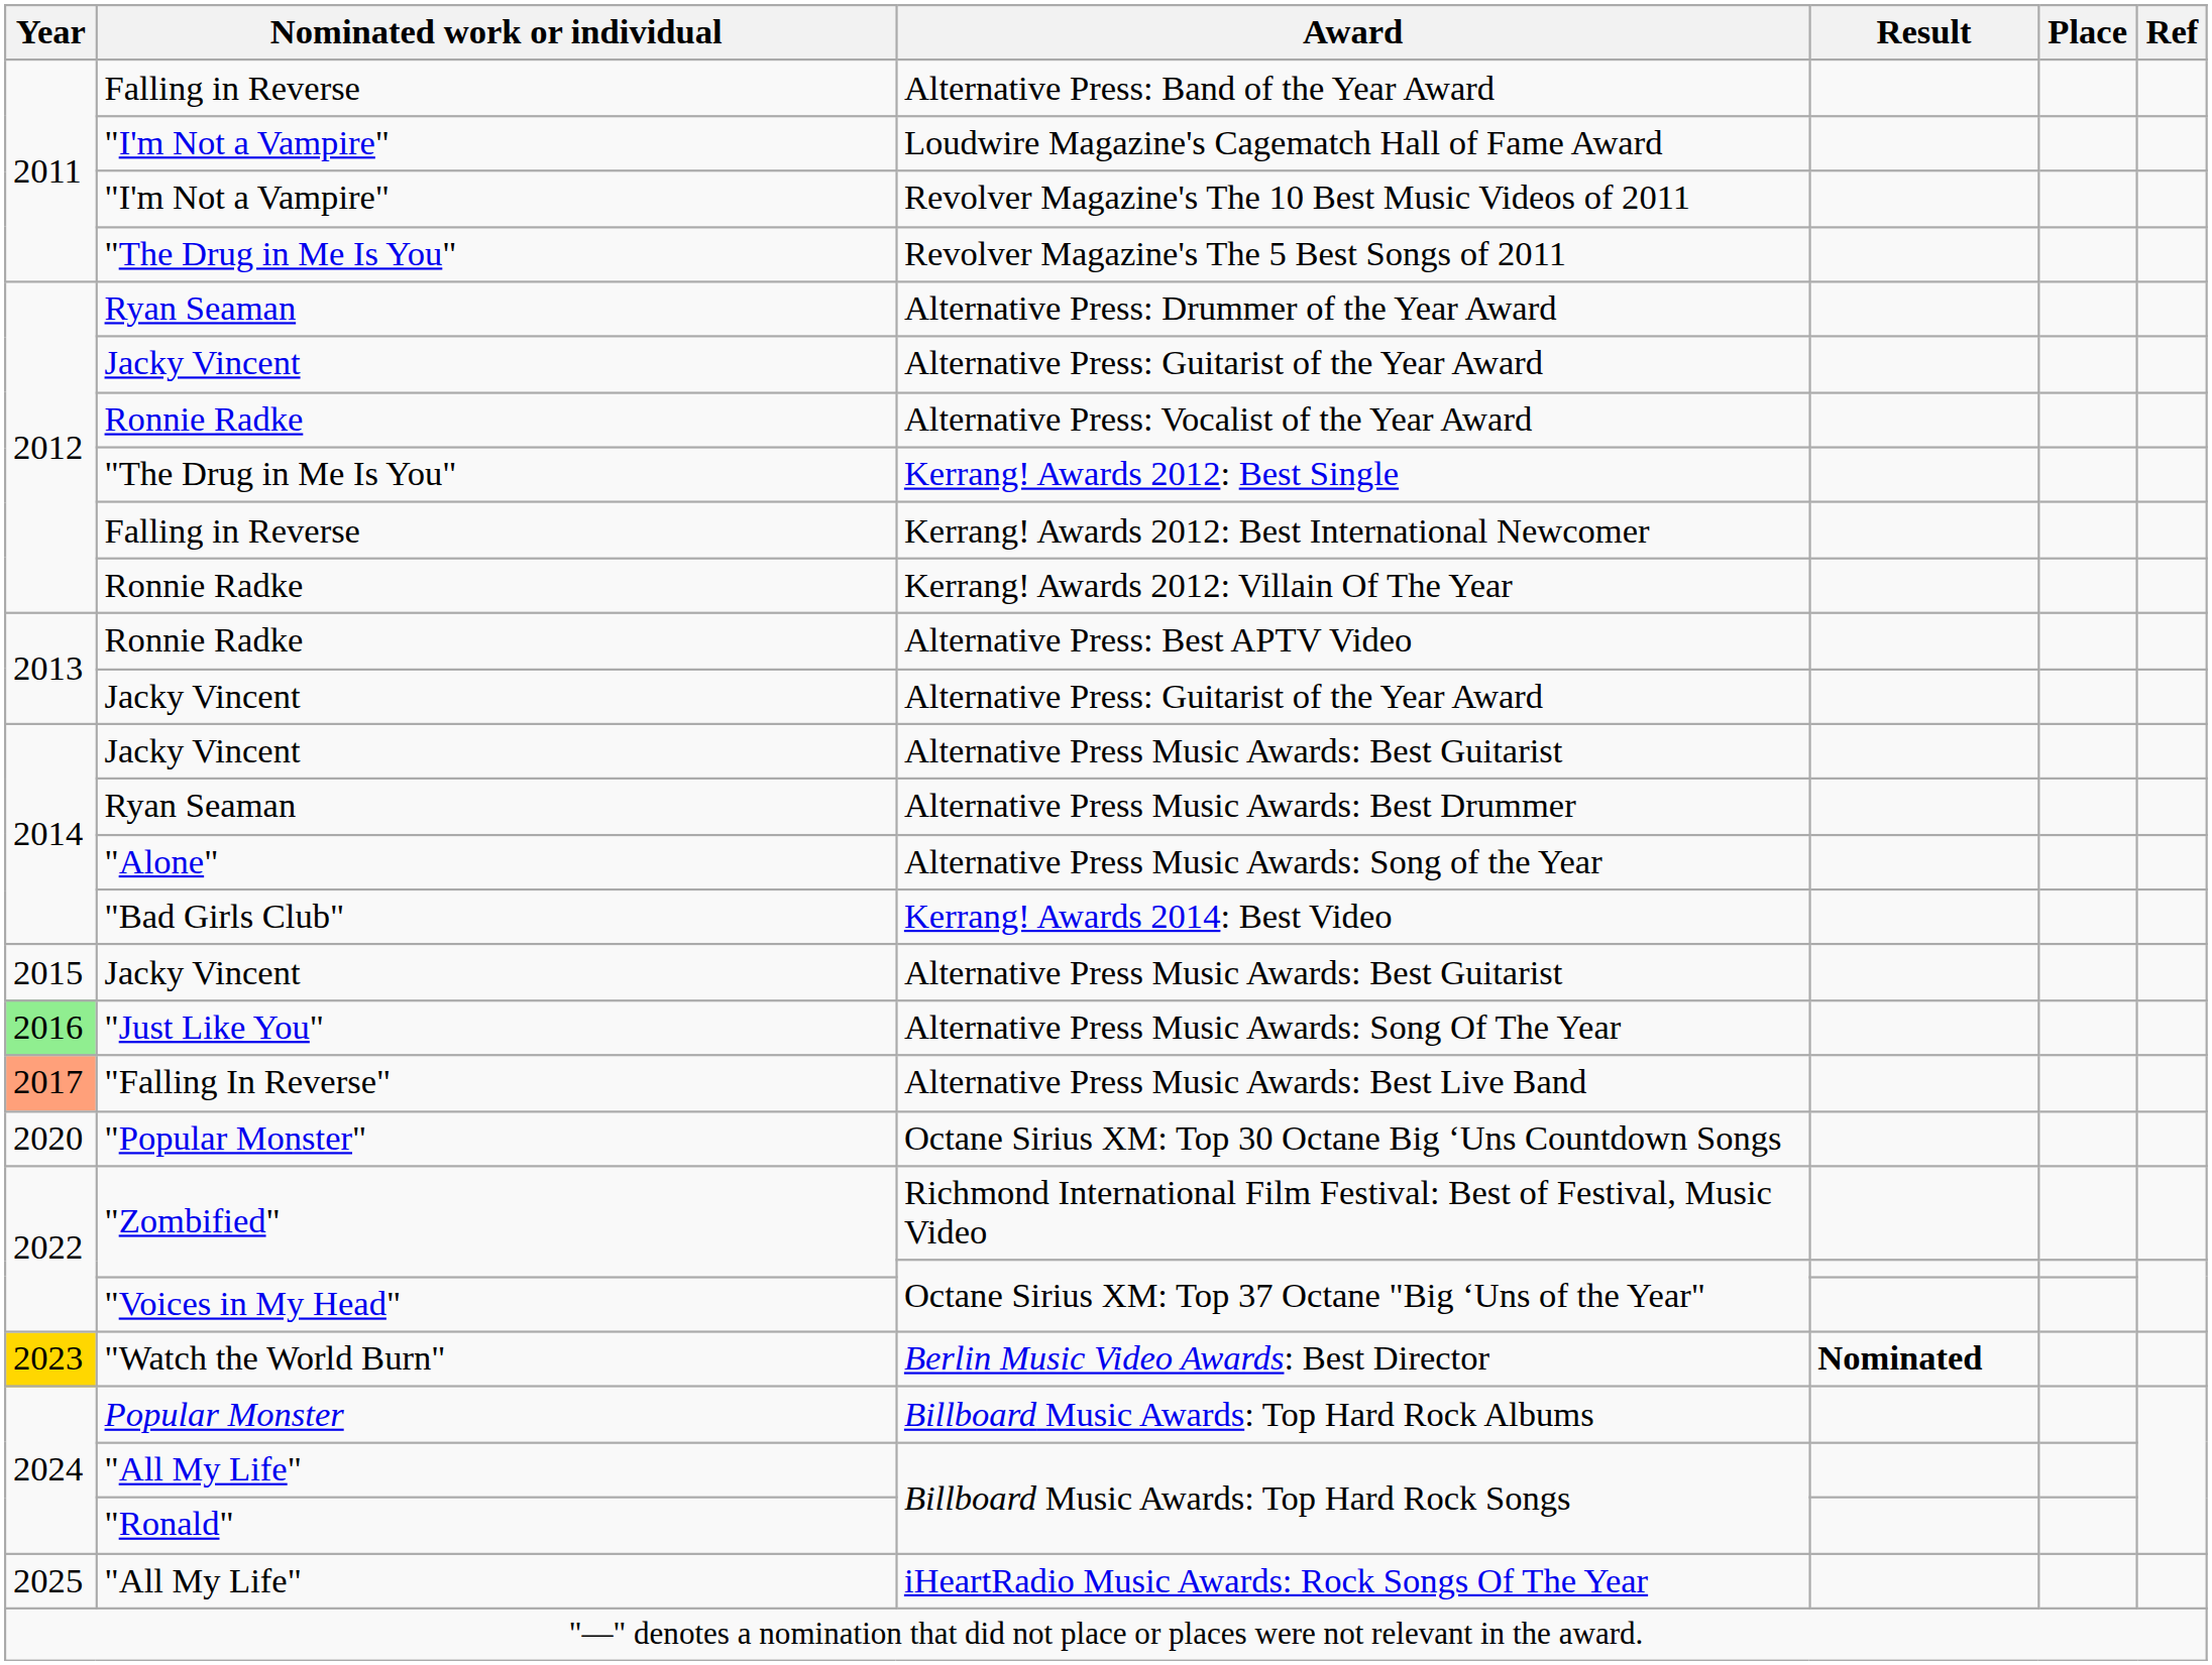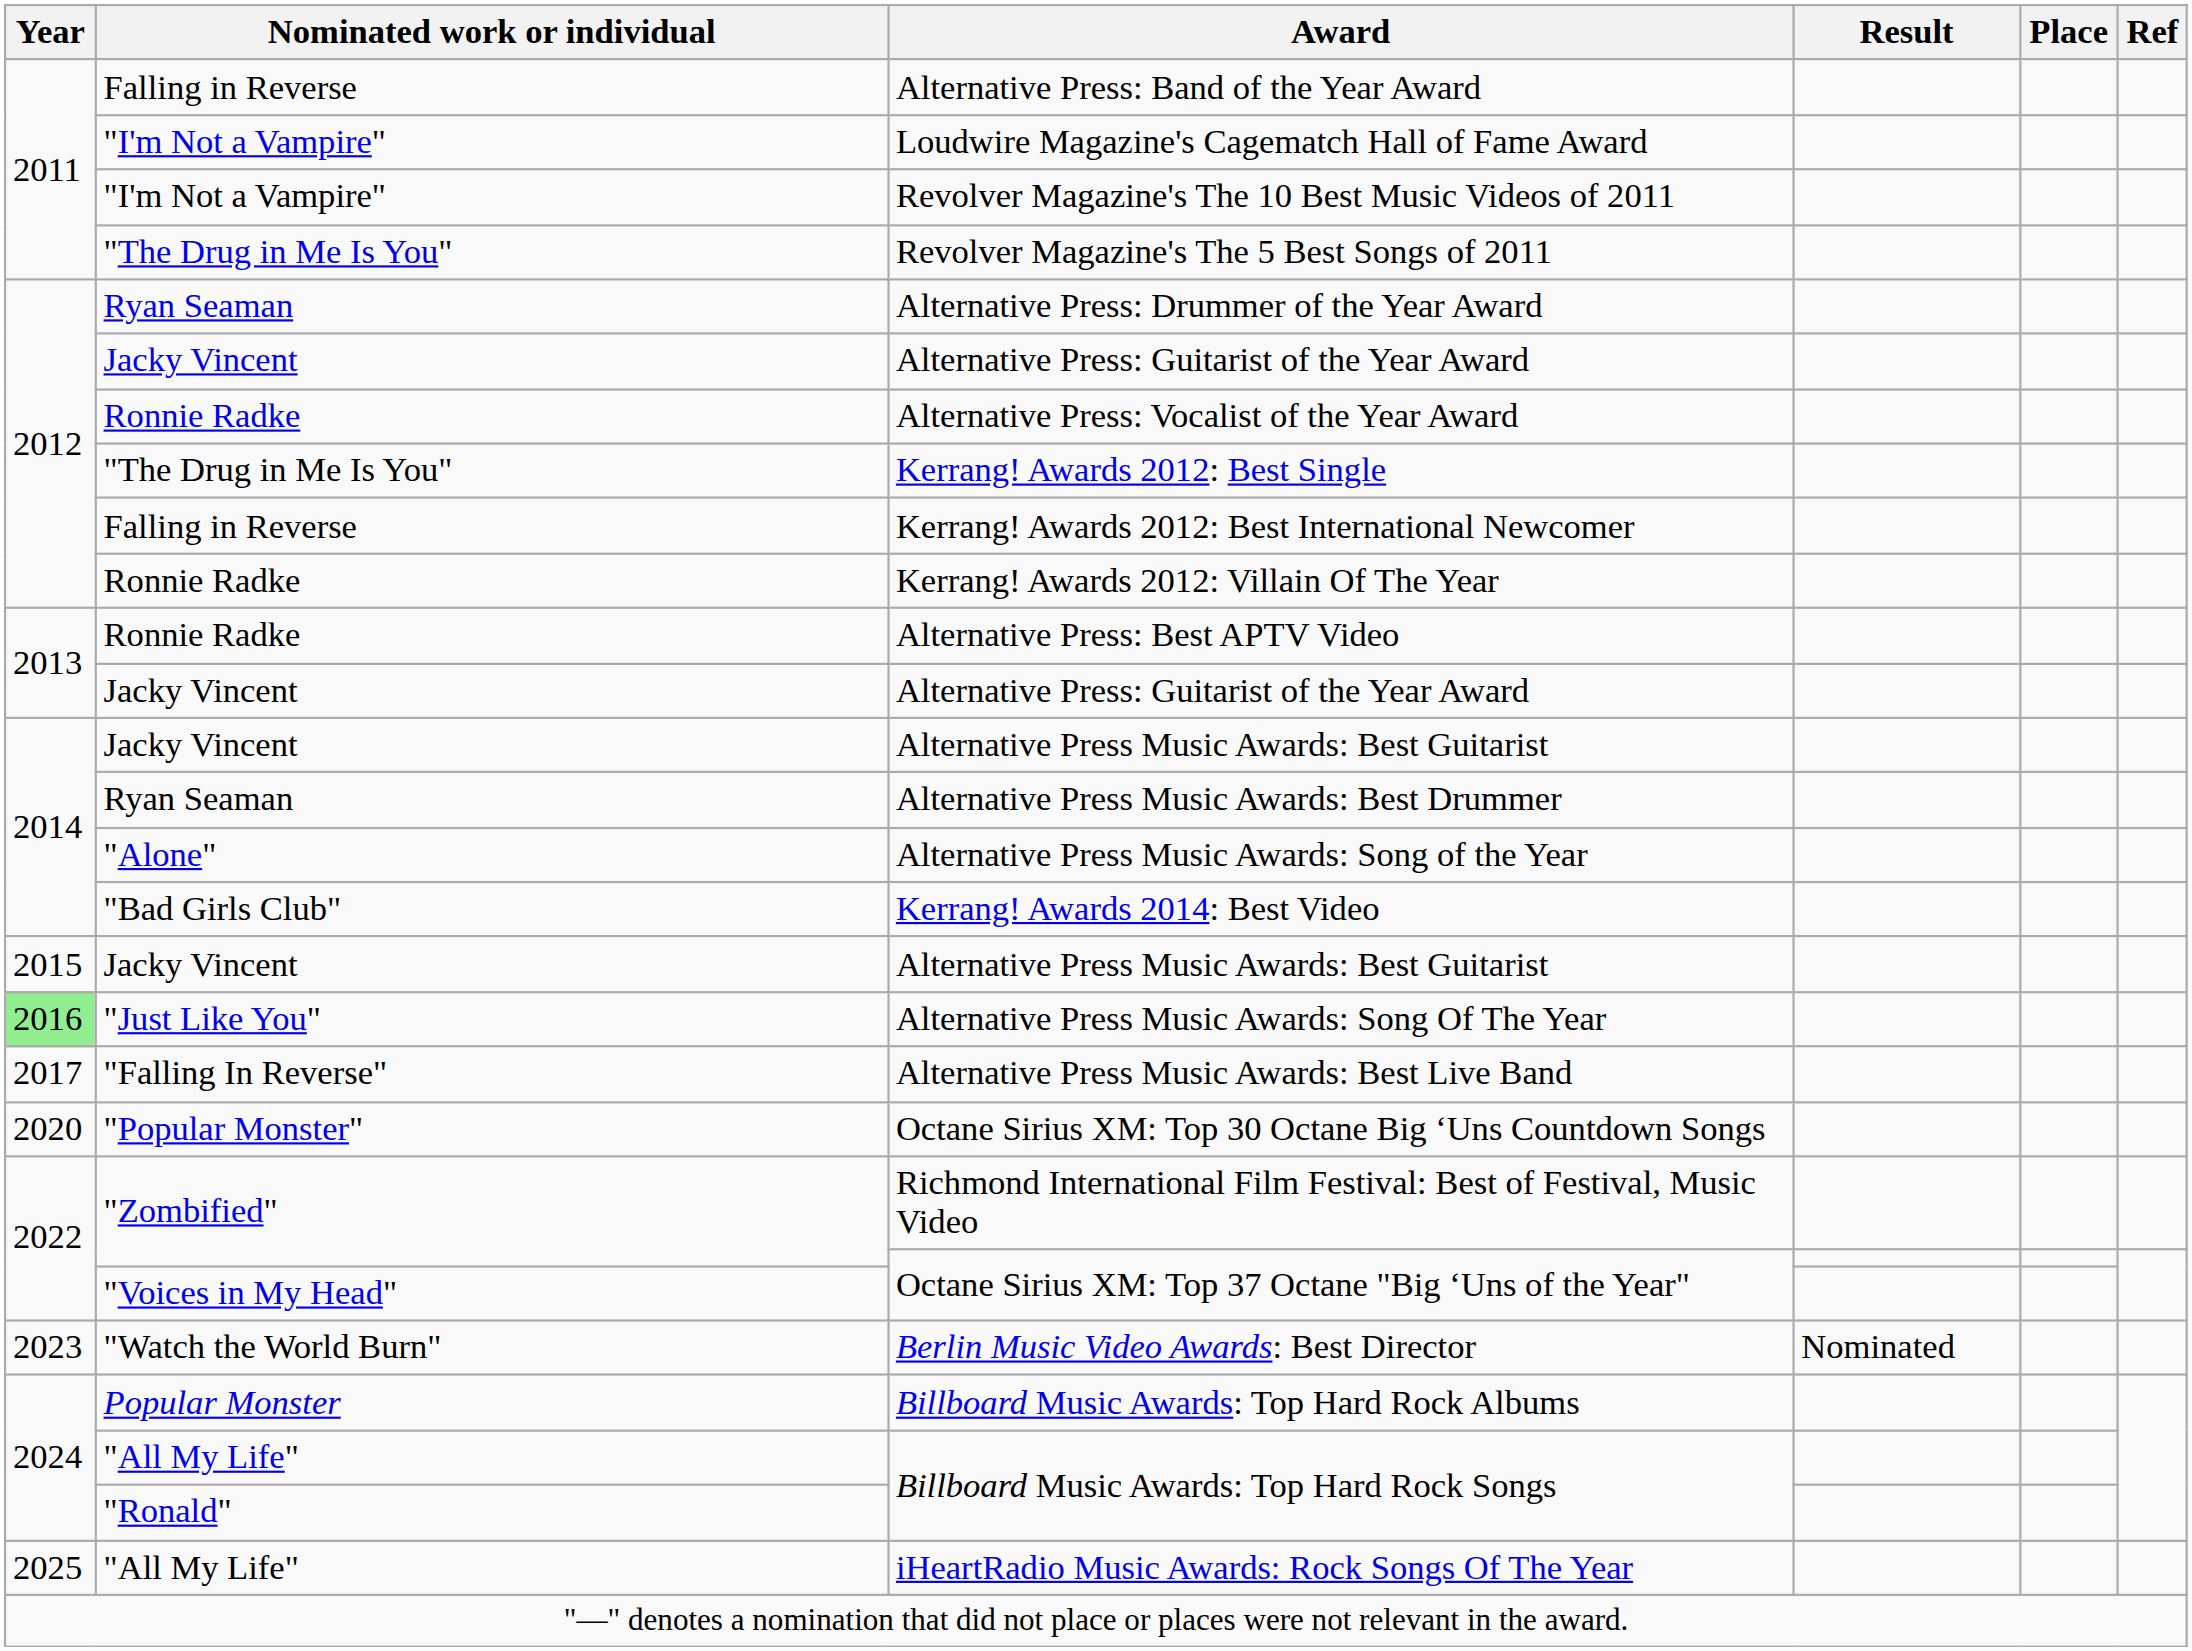 <table class="wikitable" style="width:80%;">
 <tr>
 <th style="width:4%;">Year</th>
 <th style="width:35%;">Nominated work or individual</th>
 <th style="width:40%;">Award</th>
 <th style="width:10%;">Result</th>
 <th style="width:4%;">Place</th>
 <th style="width:2%;">Ref</th>
 </tr>
 <tr>
 <td rowspan=4>2011</td>
 <td>Falling in Reverse</td>
 <td>Alternative Press: Band of the Year Award</td>
 <td></td>
 <td></td>
 <td></td>
 </tr>
 <tr>
 <td>"<a href='#'>I'm Not a Vampire</a>"</td>
 <td>Loudwire Magazine's Cagematch Hall of Fame Award</td>
 <td></td>
 <td></td>
 <td></td>
 </tr>
 <tr>
 <td>"I'm Not a Vampire"</td>
 <td>Revolver Magazine's The 10 Best Music Videos of 2011</td>
 <td></td>
 <td></td>
 <td></td>
 </tr>
 <tr>
 <td>"<a href='#'>The Drug in Me Is You</a>"</td>
 <td>Revolver Magazine's The 5 Best Songs of 2011</td>
 <td></td>
 <td></td>
 <td></td>
 </tr>
 <tr>
 <td rowspan=6>2012</td>
 <td><a href='#'>Ryan Seaman</a></td>
 <td>Alternative Press: Drummer of the Year Award</td>
 <td></td>
 <td></td>
 <td></td>
 </tr>
 <tr>
 <td><a href='#'>Jacky Vincent</a></td>
 <td>Alternative Press: Guitarist of the Year Award</td>
 <td></td>
 <td></td>
 <td></td>
 </tr>
 <tr>
 <td><a href='#'>Ronnie Radke</a></td>
 <td>Alternative Press: Vocalist of the Year Award</td>
 <td></td>
 <td></td>
 <td></td>
 </tr>
 <tr>
 <td>"The Drug in Me Is You"</td>
 <td><a href='#'>Kerrang! Awards 2012</a>: <a href='#'>Best Single</a></td>
 <td></td>
 <td></td>
 <td></td>
 </tr>
 <tr>
 <td>Falling in Reverse</td>
 <td>Kerrang! Awards 2012: Best International Newcomer</td>
 <td></td>
 <td></td>
 <td></td>
 </tr>
 <tr>
 <td>Ronnie Radke</td>
 <td>Kerrang! Awards 2012: Villain Of The Year</td>
 <td></td>
 <td></td>
 <td></td>
 </tr>
 <tr>
 <td rowspan=2>2013</td>
 <td>Ronnie Radke</td>
 <td>Alternative Press: Best APTV Video</td>
 <td></td>
 <td></td>
 <td></td>
 </tr>
 <tr>
 <td>Jacky Vincent</td>
 <td>Alternative Press: Guitarist of the Year Award</td>
 <td></td>
 <td></td>
 <td></td>
 </tr>
 <tr>
 <td rowspan=4>2014</td>
 <td>Jacky Vincent</td>
 <td>Alternative Press Music Awards: Best Guitarist</td>
 <td></td>
 <td></td>
 <td></td>
 </tr>
 <tr>
 <td>Ryan Seaman</td>
 <td>Alternative Press Music Awards: Best Drummer</td>
 <td></td>
 <td></td>
 <td></td>
 </tr>
 <tr>
 <td>"<a href='#'>Alone</a>"</td>
 <td>Alternative Press Music Awards: Song of the Year</td>
 <td></td>
 <td></td>
 <td></td>
 </tr>
 <tr>
 <td>"Bad Girls Club"</td>
 <td><a href='#'>Kerrang! Awards 2014</a>: Best Video</td>
 <td></td>
 <td></td>
 <td></td>
 </tr>
 <tr>
 <td>2015</td>
 <td>Jacky Vincent</td>
 <td>Alternative Press Music Awards: Best Guitarist</td>
 <td></td>
 <td></td>
 <td></td>
 </tr>
 <tr>
 <td style="background: lightgreen;">2016</td>
 <td>"<a href='#'>Just Like You</a>"</td>
 <td>Alternative Press Music Awards: Song Of The Year</td>
 <td></td>
 <td></td>
 <td></td>
 </tr>
 <tr>
-<td style="background: lightsalmon;">2017</td>
+<td>2017</td>
 <td>"Falling In Reverse"</td>
 <td>Alternative Press Music Awards: Best Live Band</td>
 <td></td>
 <td></td>
 <td></td>
 </tr>
 <tr>
 <td>2020</td>
 <td>"<a href='#'>Popular Monster</a>"</td>
 <td>Octane Sirius XM: Top 30 Octane Big ‘Uns Countdown Songs</td>
 <td></td>
 <td></td>
 <td></td>
 </tr>
 <tr>
 <td rowspan="3">2022</td>
 <td rowspan="2">"<a href='#'>Zombified</a>"</td>
 <td>Richmond International Film Festival: Best of Festival, Music Video</td>
 <td></td>
 <td></td>
 <td></td>
 </tr>
 <tr>
 <td rowspan="2">Octane Sirius XM: Top 37 Octane "Big ‘Uns of the Year"</td>
 <td></td>
 <td></td>
 <td rowspan="2"></td>
 </tr>
 <tr>
 <td>"<a href='#'>Voices in My Head</a>"</td>
 <td></td>
 <td></td>
 </tr>
 <tr>
-<td style="background: gold;">2023</td>
+<td>2023</td>
 <td>"Watch the World Burn"</td>
 <td><a href='#'><em>Berlin Music Video Awards</em></a>: Best Director</td>
-<td><strong>Nominated</strong></td>
+<td>Nominated</td>
 <td></td>
 <td></td>
 </tr>
 <tr>
 <td rowspan="3">2024</td>
 <td><em><a href='#'>Popular Monster</a></em></td>
 <td><a href='#'><em>Billboard</em> Music Awards</a>: Top Hard Rock Albums</td>
 <td></td>
 <td></td>
 <td rowspan="3"></td>
 </tr>
 <tr>
 <td>"<a href='#'>All My Life</a>"</td>
 <td rowspan="2"><em>Billboard</em> Music Awards: Top Hard Rock Songs</td>
 <td></td>
 <td></td>
 </tr>
 <tr>
 <td>"<a href='#'>Ronald</a>"</td>
 <td></td>
 <td></td>
 </tr>
 <tr>
 <td>2025</td>
 <td>"All My Life"</td>
 <td><a href='#'>iHeartRadio Music Awards: Rock Songs Of The Year</a></td>
 <td></td>
 <td></td>
 <td></td>
 </tr>
 <tr>
 <td colspan="6"  style="font-size:90%; text-align:center;">"—" denotes a nomination that did not place or places were not relevant in the award.</td>
 </tr>
 </table>
